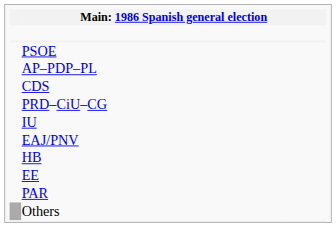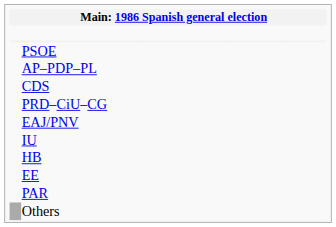 <table class="infobox vcard" style="width:23.0em; padding:0.3em; padding-bottom:0em;" cellspacing=0>
 <tr>
 <td style="background:#F2F2F2; vertical-align:middle; padding:0.4em;" width="30px"></td>
 <th colspan="4" style="text-align:center; background:#F2F2F2; font-size:0.85em; width:100%; vertical-align:middle;">Main: <a href='#'>1986 Spanish general election</a></th>
 </tr>
 <tr>
 <td colspan="5" style="text-align:center; font-size:0.85em; padding:0.5em 0em;">  </td>
 </tr>
 <tr>
 <td colspan="5"></td>
 </tr>
 <tr>
 <td colspan="5"></td>
 </tr>
 <tr>
 <th colspan="2" width="85px" style="background:#F2F2F2;"></th>
 <th width="70px" style="background:#F2F2F2;"></th>
 <th width="45px" style="background:#F2F2F2;"></th>
 <th width="30px" style="background:#F2F2F2;"></th>
 </tr>
 <tr>
 <td style="background:"></td>
 <td><a href='#'>PSOE</a></td>
 <td></td>
 <td></td>
 <td></td>
 </tr>
 <tr>
 <td style="background:"></td>
 <td><a href='#'>AP–PDP–PL</a></td>
 <td></td>
 <td></td>
 <td></td>
 </tr>
 <tr>
 <td style="background:"></td>
 <td><a href='#'>CDS</a></td>
 <td></td>
 <td></td>
 <td></td>
 </tr>
 <tr>
 <td style="background:"></td>
 <td><a href='#'>PRD</a>–<a href='#'>CiU</a>–<a href='#'>CG</a></td>
 <td></td>
 <td></td>
 <td></td>
 </tr>
 <tr>
 <td style="background:"></td>
-<td><a href='#'>IU</a></td>
+<td><a href='#'>EAJ/PNV</a></td>
 <td></td>
 <td></td>
 <td></td>
 </tr>
 <tr>
 <td style="background:"></td>
-<td><a href='#'>EAJ/PNV</a></td>
+<td><a href='#'>IU</a></td>
 <td></td>
 <td></td>
 <td></td>
 </tr>
 <tr>
 <td style="background:"></td>
 <td><a href='#'>HB</a></td>
 <td></td>
 <td></td>
 <td></td>
 </tr>
 <tr>
 <td style="background:"></td>
 <td><a href='#'>EE</a></td>
 <td></td>
 <td></td>
 <td></td>
 </tr>
 <tr>
 <td style="background:"></td>
 <td><a href='#'>PAR</a></td>
 <td></td>
 <td></td>
 <td></td>
 </tr>
 <tr>
 <td style="background:#AAAAAA;"></td>
 <td>Others</td>
 <td></td>
 <td></td>
 <td></td>
 </tr>
 <tr>
 <th colspan="2" style="background:#F2F2F2;"></th>
 <th style="background:#F2F2F2;"></th>
 <th style="background:#F2F2F2;"></th>
 <th style="background:#F2F2F2;"></th>
 </tr>
 </table>
